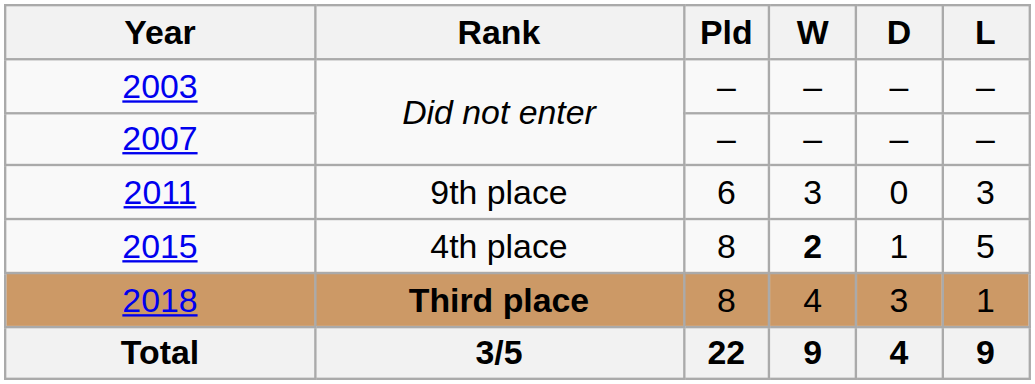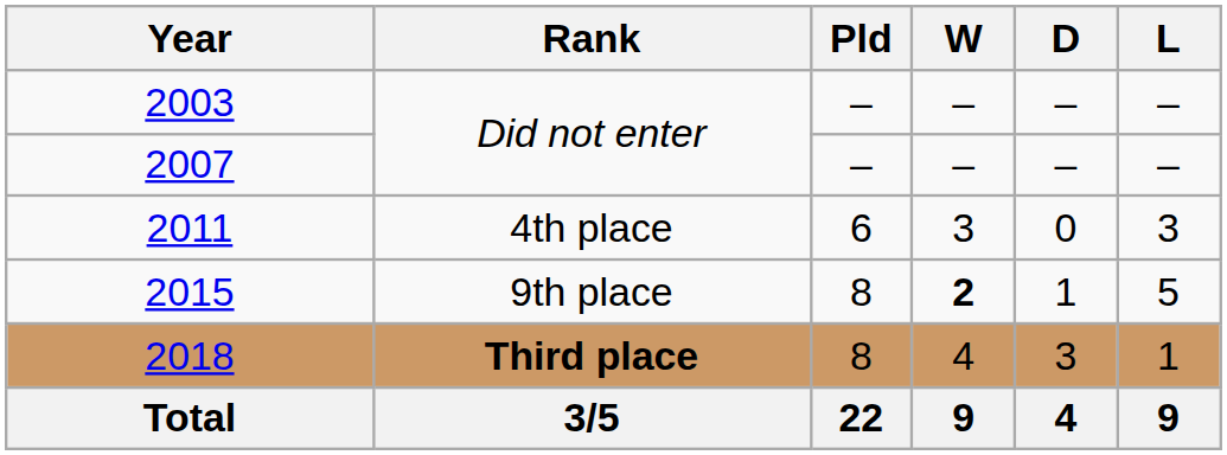 <table class="wikitable" style="text-align: center;font-size:90%;">
 <tr>
 <th width=125>Year</th>
 <th width=150>Rank</th>
 <th width=30>Pld</th>
 <th width=30>W</th>
 <th width=30>D</th>
 <th width=30>L</th>
 </tr>
 <tr>
 <td> <a href='#'>2003</a></td>
 <td rowspan=2><em>Did not enter</em></td>
 <td>–</td>
 <td>–</td>
 <td>–</td>
 <td>–</td>
 </tr>
 <tr>
 <td> <a href='#'>2007</a></td>
 <td>–</td>
 <td>–</td>
 <td>–</td>
 <td>–</td>
 </tr>
 <tr>
 <td> <a href='#'>2011</a></td>
-<td>9th place</td>
+<td>4th place</td>
 <td>6</td>
 <td>3</td>
 <td>0</td>
 <td>3</td>
 </tr>
 <tr>
 <td> <a href='#'>2015</a></td>
-<td>4th place</td>
+<td>9th place</td>
 <td>8</td>
 <td><strong>2</strong></td>
 <td>1</td>
 <td>5</td>
 </tr>
 <tr bgcolor="#cc9966">
 <td> <a href='#'>2018</a></td>
 <td><strong>Third place</strong></td>
 <td>8</td>
 <td>4</td>
 <td>3</td>
 <td>1</td>
 </tr>
 <tr>
 <th>Total</th>
 <th>3/5</th>
 <th>22</th>
 <th>9</th>
 <th>4</th>
 <th>9</th>
 </tr>
 </table>
